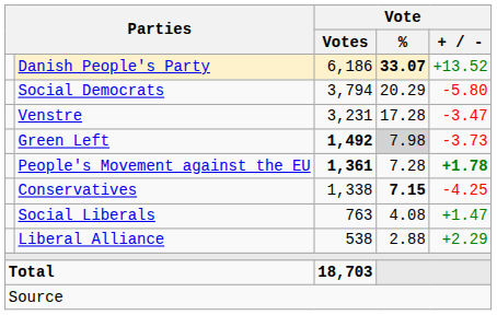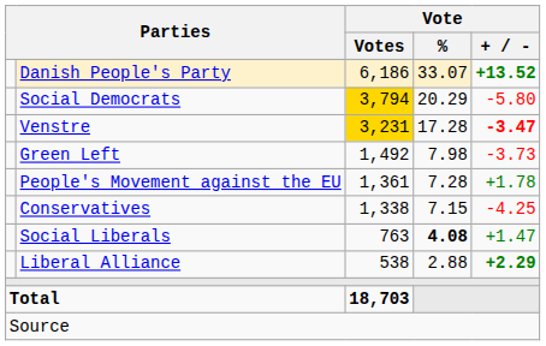 <table class="wikitable" style="text-align:right;">
 <tr>
 <th style="text-align:centre;" rowspan="2" colspan="2" width="225">Parties</th>
 <th colspan="3">Vote</th>
 </tr>
 <tr>
 <th width="15">Votes</th>
 <th width="15">%</th>
 <th width="15">+ / -</th>
 </tr>
 <tr>
 <td width="2" style="color:inherit;background:"></td>
 <td bgcolor=#fef2cc   align="left"><a href='#'>Danish People's Party</a></td>
 <td bgcolor=#fef2cc>6,186</td>
-<td bgcolor=#fef2cc><strong>33.07</strong></td>
-<td style=color:green;>+13.52</td>
+<td bgcolor=#fef2cc>33.07</td>
+<td style=color:green;><strong>+13.52</strong></td>
 </tr>
 <tr>
 <td width="2" style="color:inherit;background:"></td>
 <td align="left"><a href='#'>Social Democrats</a></td>
-<td>3,794</td>
+<td style="background: gold;">3,794</td>
 <td>20.29</td>
 <td style=color:red;>-5.80</td>
 </tr>
 <tr>
 <td width="2" style="color:inherit;background:"></td>
 <td align="left"><a href='#'>Venstre</a></td>
-<td>3,231</td>
+<td style="background: gold;">3,231</td>
 <td>17.28</td>
-<td style=color:red;>-3.47</td>
+<td style=color:red;><strong>-3.47</strong></td>
 </tr>
 <tr>
 <td width="2" style="color:inherit;background:"></td>
 <td align="left"><a href='#'>Green Left</a></td>
-<td><strong>1,492</strong></td>
-<td style="background: lightgrey;">7.98</td>
+<td>1,492</td>
+<td>7.98</td>
 <td style=color:red;>-3.73</td>
 </tr>
 <tr>
 <td width="2" style="color:inherit;background:"></td>
 <td align="left"><a href='#'>People's Movement against the EU</a></td>
-<td><strong>1,361</strong></td>
+<td>1,361</td>
 <td>7.28</td>
-<td style=color:green;><strong>+1.78</strong></td>
+<td style=color:green;>+1.78</td>
 </tr>
 <tr>
 <td width="2" style="color:inherit;background:"></td>
 <td align="left"><a href='#'>Conservatives</a></td>
 <td>1,338</td>
-<td><strong>7.15</strong></td>
+<td>7.15</td>
 <td style=color:red;>-4.25</td>
 </tr>
 <tr>
 <td width="2" style="color:inherit;background:"></td>
 <td align="left"><a href='#'>Social Liberals</a></td>
 <td>763</td>
-<td>4.08</td>
+<td><strong>4.08</strong></td>
 <td style=color:green;>+1.47</td>
 </tr>
 <tr>
 <td width="2" style="color:inherit;background:"></td>
 <td align="left"><a href='#'>Liberal Alliance</a></td>
 <td>538</td>
 <td>2.88</td>
-<td style=color:green;>+2.29</td>
+<td style=color:green;><strong>+2.29</strong></td>
 </tr>
 <tr>
 <td colspan="7" bgcolor="#E9E9E9"></td>
 </tr>
 <tr>
 <td align="left" colspan="2"><strong>Total</strong></td>
 <td><strong>18,703</strong></td>
 <td bgcolor="#E9E9E9" colspan="2"></td>
 </tr>
 <tr>
 <td align="left" colspan="6">Source</td>
 </tr>
 </table>
